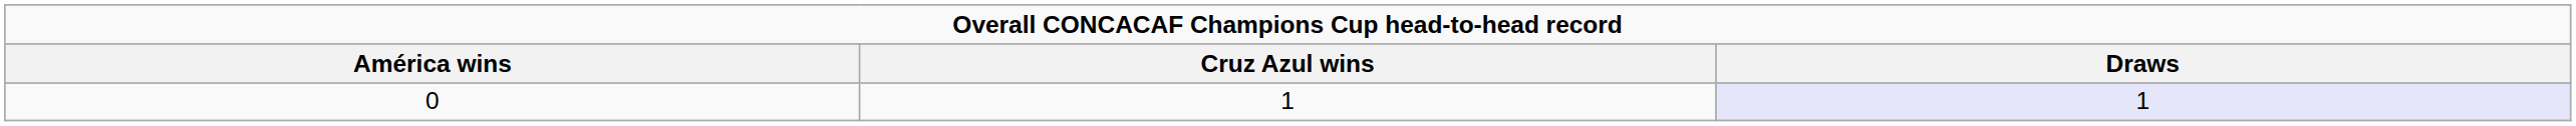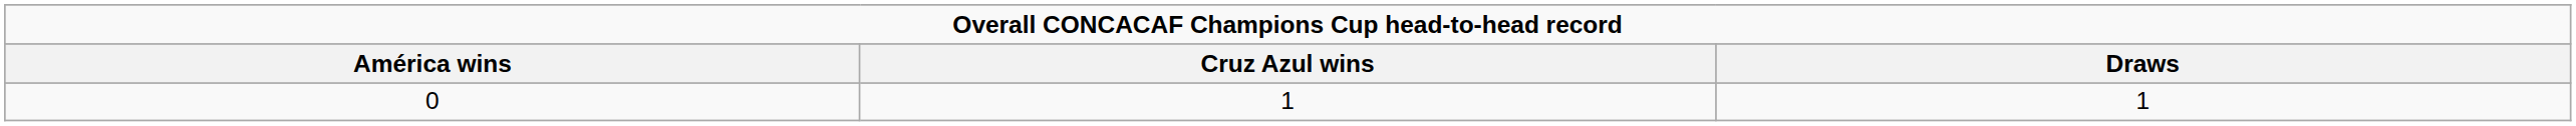 <table class="wikitable" style="font-size:90%;width:95%;text-align:center">
 <tr>
 <td colspan="3"><strong>Overall CONCACAF Champions Cup head-to-head record</strong></td>
 </tr>
 <tr>
 <th width="33%">América wins</th>
 <th width="33%">Cruz Azul wins</th>
 <th width="33%">Draws</th>
 </tr>
 <tr>
 <td>0</td>
 <td>1</td>
-<td style="background: lavender;">1</td>
+<td>1</td>
 </tr>
 </table>
